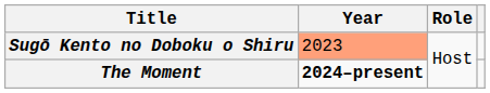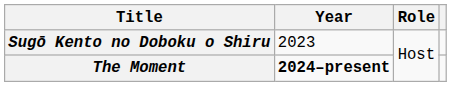 <table class="wikitable plainrowheaders">
 <tr>
 <th scope="col">Title</th>
 <th scope="col">Year</th>
 <th scope="col">Role</th>
 <th scope="col"></th>
 </tr>
 <tr>
 <th scope="row"><em>Sugō Kento no Doboku o Shiru</em></th>
-<td style="background: lightsalmon;">2023</td>
+<td>2023</td>
 <td rowspan="2">Host</td>
 <td style="text-align:center"></td>
 </tr>
 <tr>
 <th scope="row"><em>The Moment</em></th>
 <td><strong>2024–present</strong></td>
 <td style="text-align:center"></td>
 </tr>
 </table>
